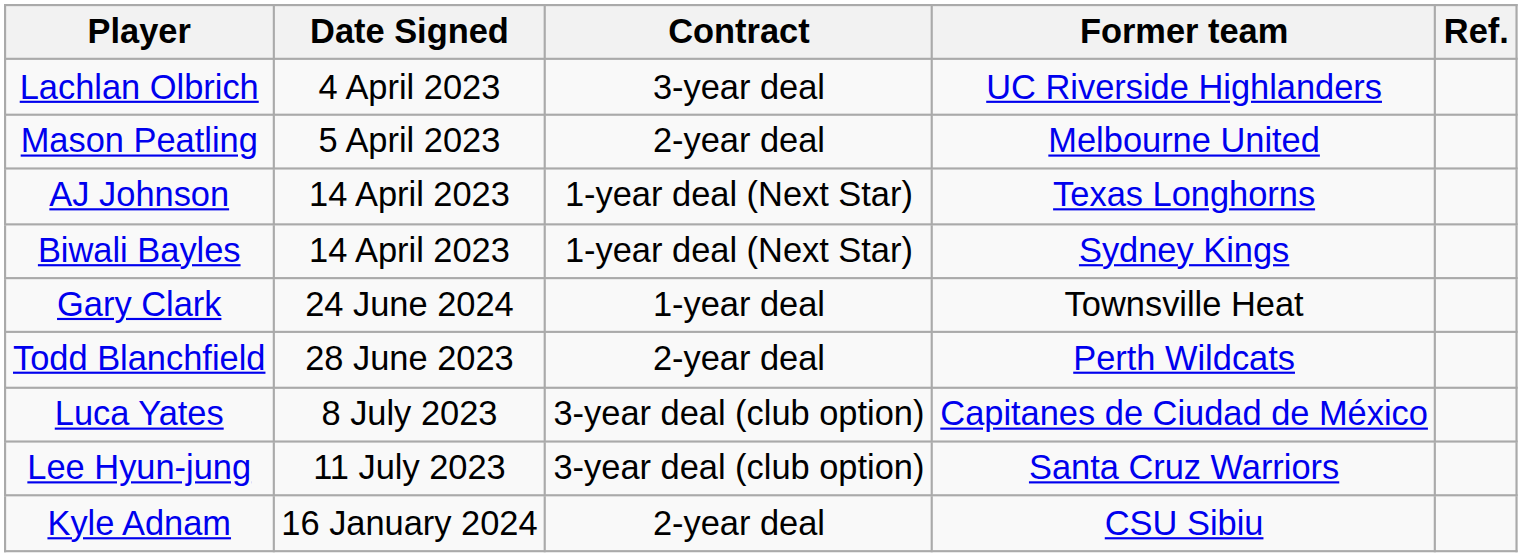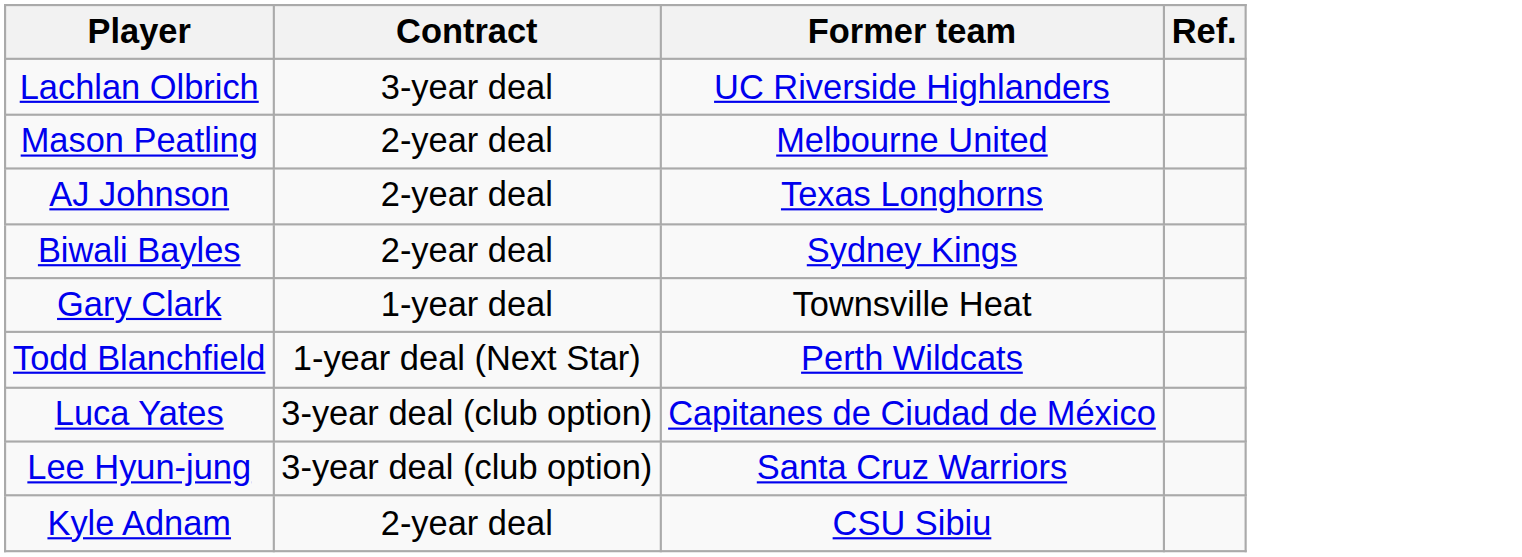 <table class="wikitable sortable sortable" style="text-align: center">
 <tr>
 <th>Player</th>
-<th>Date Signed</th>
 <th>Contract</th>
 <th>Former team</th>
 <th>Ref.</th>
 </tr>
 <tr>
 <td><a href='#'>Lachlan Olbrich</a></td>
-<td>4 April 2023</td>
 <td>3-year deal</td>
 <td><a href='#'>UC Riverside Highlanders</a></td>
 <td></td>
 </tr>
 <tr>
 <td><a href='#'>Mason Peatling</a></td>
-<td>5 April 2023</td>
 <td>2-year deal</td>
 <td><a href='#'>Melbourne United</a></td>
 <td></td>
 </tr>
 <tr>
 <td><a href='#'>AJ Johnson</a></td>
-<td>14 April 2023</td>
-<td>1-year deal (Next Star)</td>
+<td>2-year deal</td>
 <td><a href='#'>Texas Longhorns</a></td>
 <td></td>
 </tr>
 <tr>
 <td><a href='#'>Biwali Bayles</a></td>
-<td>14 April 2023</td>
-<td>1-year deal (Next Star)</td>
+<td>2-year deal</td>
 <td><a href='#'>Sydney Kings</a></td>
 <td></td>
 </tr>
 <tr>
 <td><a href='#'>Gary Clark</a></td>
-<td>24 June 2024</td>
 <td>1-year deal</td>
 <td>Townsville Heat</td>
 <td></td>
 </tr>
 <tr>
 <td><a href='#'>Todd Blanchfield</a></td>
-<td>28 June 2023</td>
-<td>2-year deal</td>
+<td>1-year deal (Next Star)</td>
 <td><a href='#'>Perth Wildcats</a></td>
 <td></td>
 </tr>
 <tr>
 <td><a href='#'>Luca Yates</a></td>
-<td>8 July 2023</td>
 <td>3-year deal (club option)</td>
 <td><a href='#'>Capitanes de Ciudad de México</a></td>
 <td></td>
 </tr>
 <tr>
 <td><a href='#'> Lee Hyun-jung</a></td>
-<td>11 July 2023</td>
 <td>3-year deal (club option)</td>
 <td><a href='#'>Santa Cruz Warriors</a></td>
 <td></td>
 </tr>
 <tr>
 <td><a href='#'>Kyle Adnam</a></td>
-<td>16 January 2024</td>
 <td>2-year deal</td>
 <td><a href='#'>CSU Sibiu</a></td>
 <td></td>
 </tr>
 </table>
